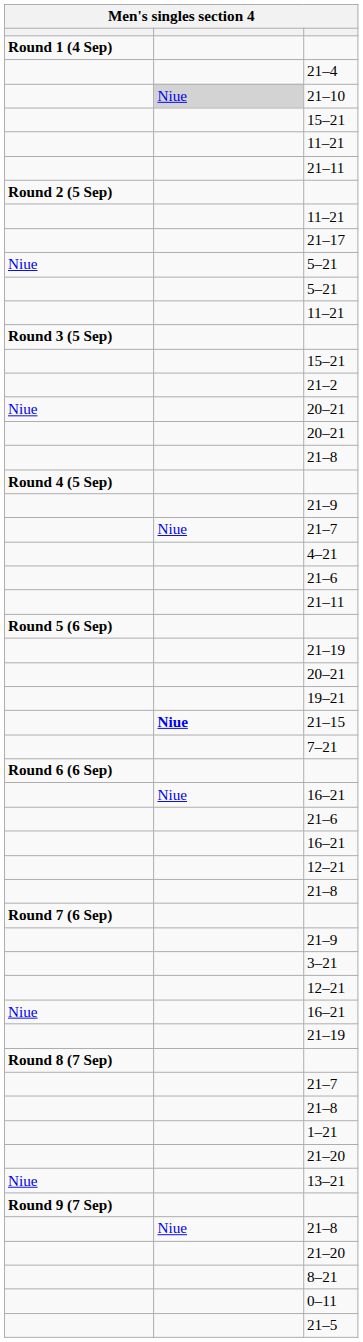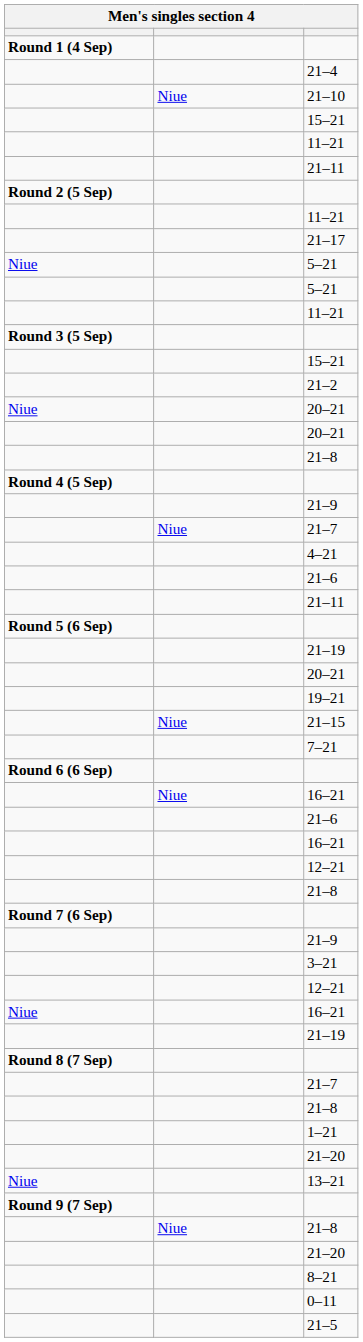 <table class="wikitable">
 <tr>
 <th colspan="3">Men's singles section 4</th>
 </tr>
 <tr>
 <th width=150></th>
 <th width=150></th>
 <th width=50></th>
 </tr>
 <tr>
 <td><strong>Round 1 (4 Sep)</strong></td>
 <td></td>
 <td></td>
 </tr>
 <tr>
 <td></td>
 <td></td>
 <td>21–4</td>
 </tr>
 <tr>
 <td></td>
-<td style="background: lightgrey;"> <a href='#'>Niue</a></td>
+<td> <a href='#'>Niue</a></td>
 <td>21–10</td>
 </tr>
 <tr>
 <td></td>
 <td></td>
 <td>15–21</td>
 </tr>
 <tr>
 <td></td>
 <td></td>
 <td>11–21</td>
 </tr>
 <tr>
 <td></td>
 <td></td>
 <td>21–11</td>
 </tr>
 <tr>
 <td><strong>Round 2 (5 Sep)</strong></td>
 <td></td>
 <td></td>
 </tr>
 <tr>
 <td></td>
 <td></td>
 <td>11–21</td>
 </tr>
 <tr>
 <td></td>
 <td></td>
 <td>21–17</td>
 </tr>
 <tr>
 <td> <a href='#'>Niue</a></td>
 <td></td>
 <td>5–21</td>
 </tr>
 <tr>
 <td></td>
 <td></td>
 <td>5–21</td>
 </tr>
 <tr>
 <td></td>
 <td></td>
 <td>11–21</td>
 </tr>
 <tr>
 <td><strong>Round 3 (5 Sep)</strong></td>
 <td></td>
 <td></td>
 </tr>
 <tr>
 <td></td>
 <td></td>
 <td>15–21</td>
 </tr>
 <tr>
 <td></td>
 <td></td>
 <td>21–2</td>
 </tr>
 <tr>
 <td> <a href='#'>Niue</a></td>
 <td></td>
 <td>20–21</td>
 </tr>
 <tr>
 <td></td>
 <td></td>
 <td>20–21</td>
 </tr>
 <tr>
 <td></td>
 <td></td>
 <td>21–8</td>
 </tr>
 <tr>
 <td><strong>Round 4 (5 Sep)</strong></td>
 <td></td>
 <td></td>
 </tr>
 <tr>
 <td></td>
 <td></td>
 <td>21–9</td>
 </tr>
 <tr>
 <td></td>
 <td> <a href='#'>Niue</a></td>
 <td>21–7</td>
 </tr>
 <tr>
 <td></td>
 <td></td>
 <td>4–21</td>
 </tr>
 <tr>
 <td></td>
 <td></td>
 <td>21–6</td>
 </tr>
 <tr>
 <td></td>
 <td></td>
 <td>21–11</td>
 </tr>
 <tr>
 <td><strong>Round 5 (6 Sep)</strong></td>
 <td></td>
 <td></td>
 </tr>
 <tr>
 <td></td>
 <td></td>
 <td>21–19</td>
 </tr>
 <tr>
 <td></td>
 <td></td>
 <td>20–21</td>
 </tr>
 <tr>
 <td></td>
 <td></td>
 <td>19–21</td>
 </tr>
 <tr>
 <td></td>
-<td><strong> <a href='#'>Niue</a></strong></td>
+<td> <a href='#'>Niue</a></td>
 <td>21–15</td>
 </tr>
 <tr>
 <td></td>
 <td></td>
 <td>7–21</td>
 </tr>
 <tr>
 <td><strong>Round 6 (6 Sep) </strong></td>
 <td></td>
 <td></td>
 </tr>
 <tr>
 <td></td>
 <td> <a href='#'>Niue</a></td>
 <td>16–21</td>
 </tr>
 <tr>
 <td></td>
 <td></td>
 <td>21–6</td>
 </tr>
 <tr>
 <td></td>
 <td></td>
 <td>16–21</td>
 </tr>
 <tr>
 <td></td>
 <td></td>
 <td>12–21</td>
 </tr>
 <tr>
 <td></td>
 <td></td>
 <td>21–8</td>
 </tr>
 <tr>
 <td><strong>Round 7 (6 Sep)</strong></td>
 <td></td>
 <td></td>
 </tr>
 <tr>
 <td></td>
 <td></td>
 <td>21–9</td>
 </tr>
 <tr>
 <td></td>
 <td></td>
 <td>3–21</td>
 </tr>
 <tr>
 <td></td>
 <td></td>
 <td>12–21</td>
 </tr>
 <tr>
 <td> <a href='#'>Niue</a></td>
 <td></td>
 <td>16–21</td>
 </tr>
 <tr>
 <td></td>
 <td></td>
 <td>21–19</td>
 </tr>
 <tr>
 <td><strong>Round 8 (7 Sep)</strong></td>
 <td></td>
 <td></td>
 </tr>
 <tr>
 <td></td>
 <td></td>
 <td>21–7</td>
 </tr>
 <tr>
 <td></td>
 <td></td>
 <td>21–8</td>
 </tr>
 <tr>
 <td></td>
 <td></td>
 <td>1–21</td>
 </tr>
 <tr>
 <td></td>
 <td></td>
 <td>21–20</td>
 </tr>
 <tr>
 <td> <a href='#'>Niue</a></td>
 <td></td>
 <td>13–21</td>
 </tr>
 <tr>
 <td><strong>Round 9 (7 Sep)</strong></td>
 <td></td>
 <td></td>
 </tr>
 <tr>
 <td></td>
 <td> <a href='#'>Niue</a></td>
 <td>21–8</td>
 </tr>
 <tr>
 <td></td>
 <td></td>
 <td>21–20</td>
 </tr>
 <tr>
 <td></td>
 <td></td>
 <td>8–21</td>
 </tr>
 <tr>
 <td></td>
 <td></td>
 <td>0–11</td>
 </tr>
 <tr>
 <td></td>
 <td></td>
 <td>21–5</td>
 </tr>
 </table>
